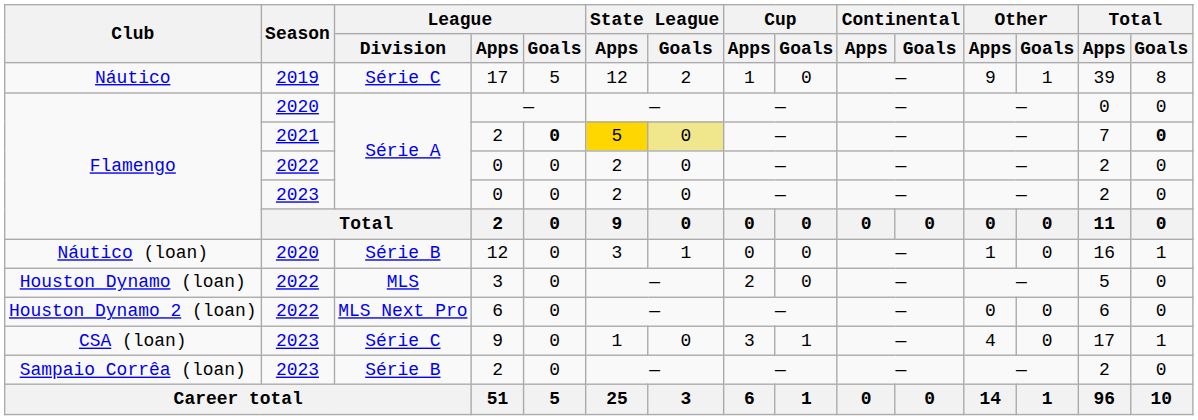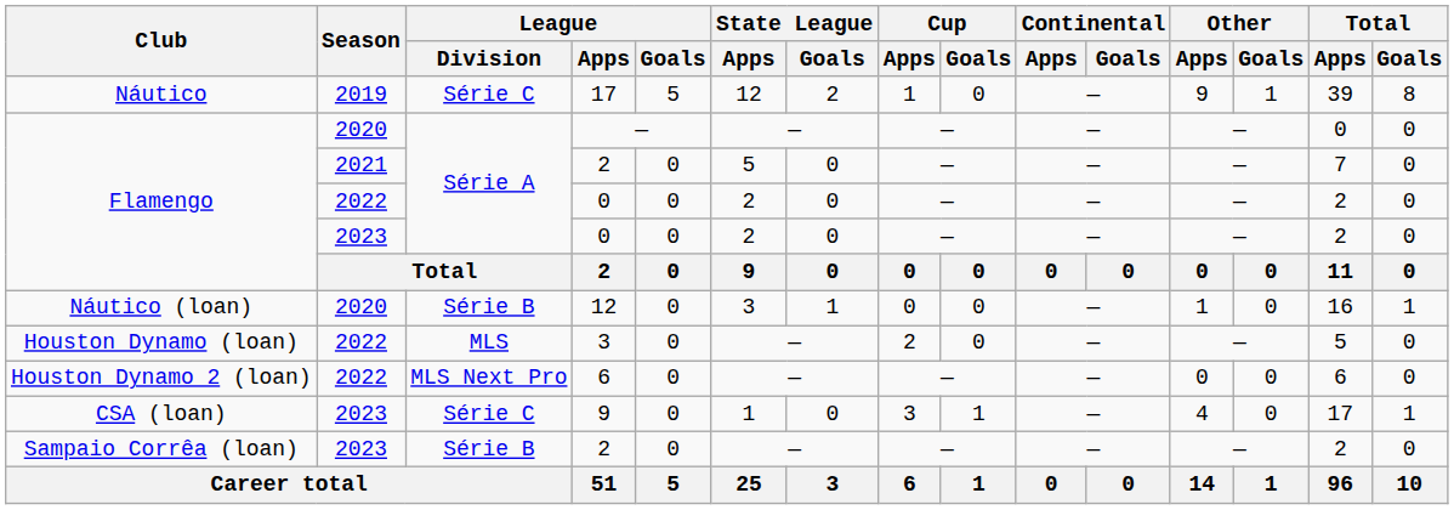 <table class="wikitable" style="text-align: center;">
 <tr>
 <th rowspan="2">Club</th>
 <th rowspan="2">Season</th>
 <th colspan="3">League</th>
 <th colspan="2">State League</th>
 <th colspan="2">Cup</th>
 <th colspan="2">Continental</th>
 <th colspan="2">Other</th>
 <th colspan="2">Total</th>
 </tr>
 <tr>
 <th>Division</th>
 <th>Apps</th>
 <th>Goals</th>
 <th>Apps</th>
 <th>Goals</th>
 <th>Apps</th>
 <th>Goals</th>
 <th>Apps</th>
 <th>Goals</th>
 <th>Apps</th>
 <th>Goals</th>
 <th>Apps</th>
 <th>Goals</th>
 </tr>
 <tr>
 <td><a href='#'>Náutico</a></td>
 <td><a href='#'>2019</a></td>
 <td><a href='#'>Série C</a></td>
 <td>17</td>
 <td>5</td>
 <td>12</td>
 <td>2</td>
 <td>1</td>
 <td>0</td>
 <td colspan="2">—</td>
 <td>9</td>
 <td>1</td>
 <td>39</td>
 <td>8</td>
 </tr>
 <tr>
 <td rowspan="5"><a href='#'>Flamengo</a></td>
 <td><a href='#'>2020</a></td>
 <td rowspan="4"><a href='#'>Série A</a></td>
 <td colspan="2">—</td>
 <td colspan="2">—</td>
 <td colspan="2">—</td>
 <td colspan="2">—</td>
 <td colspan="2">—</td>
 <td>0</td>
 <td>0</td>
 </tr>
 <tr>
 <td><a href='#'>2021</a></td>
 <td>2</td>
-<td><strong>0</strong></td>
-<td style="background: gold;">5</td>
-<td style="background: khaki;">0</td>
+<td>0</td>
+<td>5</td>
+<td>0</td>
 <td colspan="2">—</td>
 <td colspan="2">—</td>
 <td colspan="2">—</td>
 <td>7</td>
-<td><strong>0</strong></td>
+<td>0</td>
 </tr>
 <tr>
 <td><a href='#'>2022</a></td>
 <td>0</td>
 <td>0</td>
 <td>2</td>
 <td>0</td>
 <td colspan="2">—</td>
 <td colspan="2">—</td>
 <td colspan="2">—</td>
 <td>2</td>
 <td>0</td>
 </tr>
 <tr>
 <td><a href='#'>2023</a></td>
 <td>0</td>
 <td>0</td>
 <td>2</td>
 <td>0</td>
 <td colspan="2">—</td>
 <td colspan="2">—</td>
 <td colspan="2">—</td>
 <td>2</td>
 <td>0</td>
 </tr>
 <tr>
 <th colspan="2">Total</th>
 <th>2</th>
 <th>0</th>
 <th>9</th>
 <th>0</th>
 <th>0</th>
 <th>0</th>
 <th>0</th>
 <th>0</th>
 <th>0</th>
 <th>0</th>
 <th>11</th>
 <th>0</th>
 </tr>
 <tr>
 <td rowspan="1"><a href='#'>Náutico</a> (loan)</td>
 <td><a href='#'>2020</a></td>
 <td><a href='#'>Série B</a></td>
 <td>12</td>
 <td>0</td>
 <td>3</td>
 <td>1</td>
 <td>0</td>
 <td>0</td>
 <td colspan="2">—</td>
 <td>1</td>
 <td>0</td>
 <td>16</td>
 <td>1</td>
 </tr>
 <tr>
 <td><a href='#'>Houston Dynamo</a> (loan)</td>
 <td><a href='#'>2022</a></td>
 <td><a href='#'>MLS</a></td>
 <td>3</td>
 <td>0</td>
 <td colspan="2">—</td>
 <td>2</td>
 <td>0</td>
 <td colspan="2">—</td>
 <td colspan="2">—</td>
 <td>5</td>
 <td>0</td>
 </tr>
 <tr>
 <td><a href='#'>Houston Dynamo 2</a> (loan)</td>
 <td><a href='#'>2022</a></td>
 <td><a href='#'>MLS Next Pro</a></td>
 <td>6</td>
 <td>0</td>
 <td colspan="2">—</td>
 <td colspan="2">—</td>
 <td colspan="2">—</td>
 <td>0</td>
 <td>0</td>
 <td>6</td>
 <td>0</td>
 </tr>
 <tr>
 <td><a href='#'>CSA</a> (loan)</td>
 <td><a href='#'>2023</a></td>
 <td><a href='#'>Série C</a></td>
 <td>9</td>
 <td>0</td>
 <td>1</td>
 <td>0</td>
 <td>3</td>
 <td>1</td>
 <td colspan="2">—</td>
 <td>4</td>
 <td>0</td>
 <td>17</td>
 <td>1</td>
 </tr>
 <tr>
 <td><a href='#'>Sampaio Corrêa</a> (loan)</td>
 <td><a href='#'>2023</a></td>
 <td><a href='#'>Série B</a></td>
 <td>2</td>
 <td>0</td>
 <td colspan="2">—</td>
 <td colspan="2">—</td>
 <td colspan="2">—</td>
 <td colspan="2">—</td>
 <td>2</td>
 <td>0</td>
 </tr>
 <tr>
 <th colspan="3"><strong>Career total</strong></th>
 <th>51</th>
 <th>5</th>
 <th>25</th>
 <th>3</th>
 <th>6</th>
 <th>1</th>
 <th>0</th>
 <th>0</th>
 <th>14</th>
 <th>1</th>
 <th>96</th>
 <th>10</th>
 </tr>
 </table>
